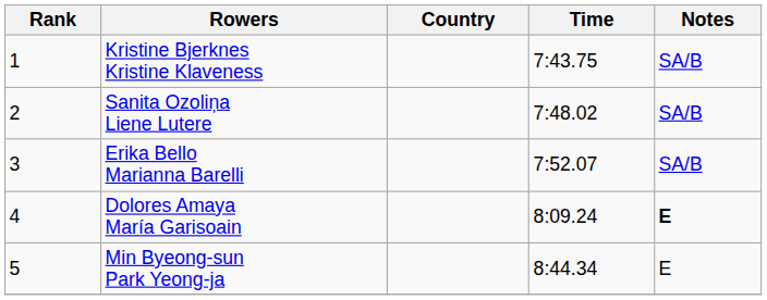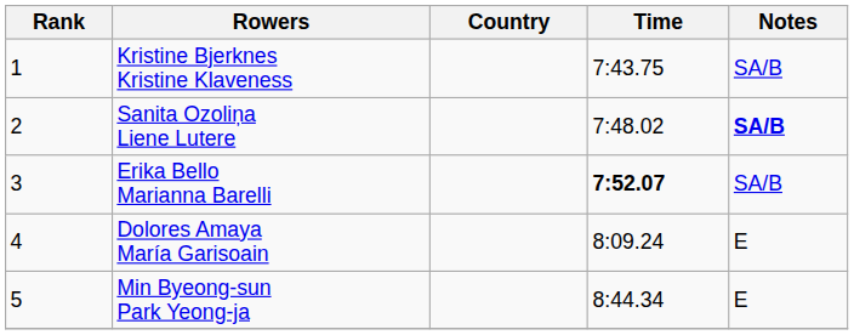 <table class="wikitable" width=50%>
 <tr>
 <th>Rank</th>
 <th>Rowers</th>
 <th>Country</th>
 <th>Time</th>
 <th>Notes</th>
 </tr>
 <tr>
 <td>1</td>
 <td><a href='#'>Kristine Bjerknes</a><br><a href='#'>Kristine Klaveness</a></td>
 <td></td>
 <td>7:43.75</td>
 <td><a href='#'>SA/B</a></td>
 </tr>
 <tr>
 <td>2</td>
 <td><a href='#'>Sanita Ozoliņa</a><br><a href='#'>Liene Lutere</a></td>
 <td></td>
 <td>7:48.02</td>
-<td><a href='#'>SA/B</a></td>
+<td><strong><a href='#'>SA/B</a></strong></td>
 </tr>
 <tr>
 <td>3</td>
 <td><a href='#'>Erika Bello</a><br><a href='#'>Marianna Barelli</a></td>
 <td></td>
-<td>7:52.07</td>
+<td><strong>7:52.07</strong></td>
 <td><a href='#'>SA/B</a></td>
 </tr>
 <tr>
 <td>4</td>
 <td><a href='#'>Dolores Amaya</a><br><a href='#'>María Garisoain</a></td>
 <td></td>
 <td>8:09.24</td>
-<td><strong>E</strong></td>
+<td>E</td>
 </tr>
 <tr>
 <td>5</td>
 <td><a href='#'>Min Byeong-sun</a><br><a href='#'>Park Yeong-ja</a></td>
 <td></td>
 <td>8:44.34</td>
 <td>E</td>
 </tr>
 <tr>
 </tr>
 </table>
